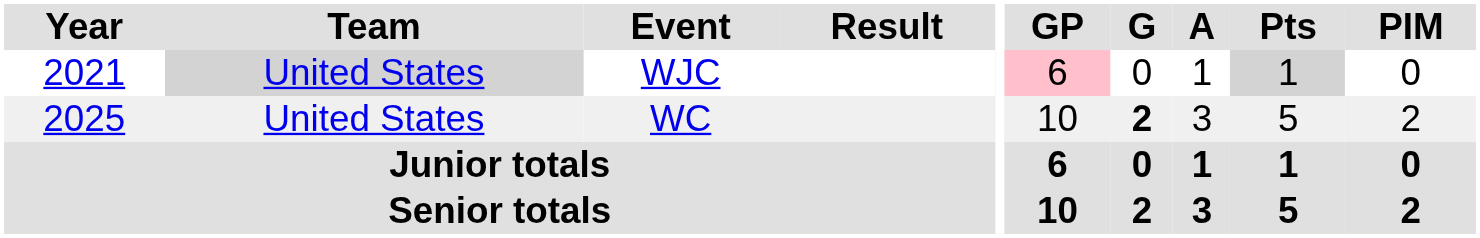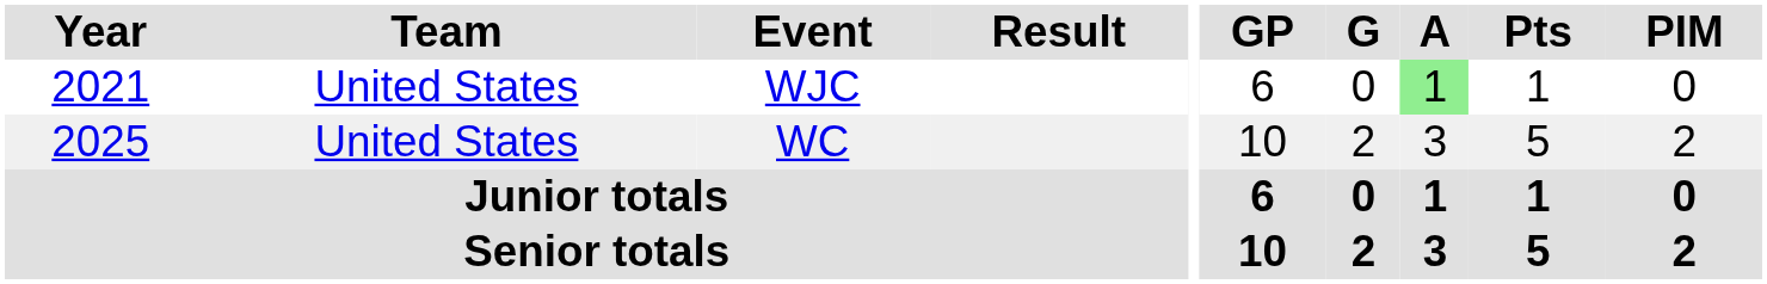 <table border="0" cellpadding="1" cellspacing="0" ID="Table3" style="text-align:center; width:40em">
 <tr ALIGN="center" bgcolor="#e0e0e0">
 <th>Year</th>
 <th>Team</th>
 <th>Event</th>
 <th>Result</th>
 <th rowspan="99" bgcolor="#ffffff"></th>
 <th>GP</th>
 <th>G</th>
 <th>A</th>
 <th>Pts</th>
 <th>PIM</th>
 </tr>
 <tr>
 <td><a href='#'>2021</a></td>
-<td style="background: lightgrey;"><a href='#'>United States</a></td>
+<td><a href='#'>United States</a></td>
 <td><a href='#'>WJC</a></td>
 <td></td>
-<td style="background: pink;">6</td>
+<td>6</td>
 <td>0</td>
+<td style="background: lightgreen;">1</td>
 <td>1</td>
-<td style="background: lightgrey;">1</td>
 <td>0</td>
 </tr>
 <tr bgcolor="#f0f0f0">
 <td><a href='#'>2025</a></td>
 <td><a href='#'>United States</a></td>
 <td><a href='#'>WC</a></td>
 <td></td>
 <td>10</td>
-<td><strong>2</strong></td>
+<td>2</td>
 <td>3</td>
 <td>5</td>
 <td>2</td>
 </tr>
 <tr bgcolor="#e0e0e0">
 <th colspan="4">Junior totals</th>
 <th>6</th>
 <th>0</th>
 <th>1</th>
 <th>1</th>
 <th>0</th>
 </tr>
 <tr bgcolor="#e0e0e0">
 <th colspan="4">Senior totals</th>
 <th>10</th>
 <th>2</th>
 <th>3</th>
 <th>5</th>
 <th>2</th>
 </tr>
 </table>
